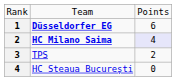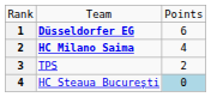 <table class="wikitable" style="text-align: center;">
 <tr>
 <td>Rank</td>
 <td>Team</td>
 <td>Points</td>
 </tr>
 <tr>
 <th>1</th>
 <td style="text-align: left;"> <strong><a href='#'>Düsseldorfer EG</a></strong></td>
 <td>6</td>
 </tr>
 <tr>
 <th>2</th>
 <td style="text-align: left;"> <strong><a href='#'>HC Milano Saima</a></strong></td>
-<td style="background: lavender;">4</td>
+<td>4</td>
 </tr>
 <tr>
 <th>3</th>
 <td style="text-align: left;"> <a href='#'>TPS</a></td>
 <td>2</td>
 </tr>
 <tr>
 <th>4</th>
 <td style="text-align: left;"> <a href='#'>HC Steaua București</a></td>
-<td>0</td>
+<td style="background: lightblue;">0</td>
 </tr>
 </table>
